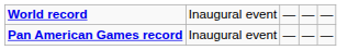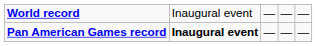 <table class="wikitable">
 <tr>
 <td><strong><a href='#'>World record</a></strong></td>
 <td>Inaugural event</td>
 <td>—</td>
 <td>—</td>
 <td>—</td>
 </tr>
 <tr>
 <td><strong><a href='#'>Pan American Games record</a></strong></td>
-<td>Inaugural event</td>
+<td><strong>Inaugural event</strong></td>
 <td>—</td>
 <td>—</td>
 <td>—</td>
 </tr>
 </table>
